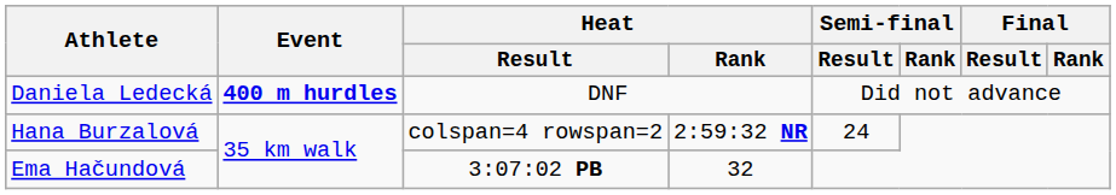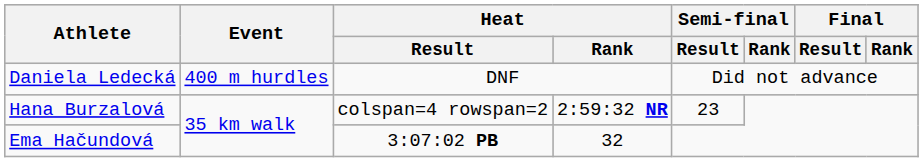 <table class=wikitable style=font-size:90%>
 <tr>
 <th rowspan=2>Athlete</th>
 <th rowspan=2>Event</th>
 <th colspan=2>Heat</th>
 <th colspan=2>Semi-final</th>
 <th colspan=2>Final</th>
 </tr>
 <tr style=font-size:95%>
 <th>Result</th>
 <th>Rank</th>
 <th>Result</th>
 <th>Rank</th>
 <th>Result</th>
 <th>Rank</th>
 </tr>
 <tr align=center>
 <td align=left><a href='#'>Daniela Ledecká</a></td>
-<td align=left><strong><a href='#'>400 m hurdles</a></strong></td>
+<td align=left><a href='#'>400 m hurdles</a></td>
 <td colspan="2">DNF</td>
 <td colspan="4">Did not advance</td>
 </tr>
 <tr align=center>
 <td align=left><a href='#'>Hana Burzalová</a></td>
 <td align=left rowspan=2><a href='#'>35 km walk</a></td>
 <td>colspan=4 rowspan=2</td>
 <td>2:59:32 <strong><a href='#'>NR</a></strong></td>
-<td>24</td>
+<td>23</td>
 </tr>
 <tr align=center>
 <td align=left><a href='#'>Ema Hačundová</a></td>
 <td>3:07:02 <strong>PB</strong></td>
 <td>32</td>
 </tr>
 </table>
